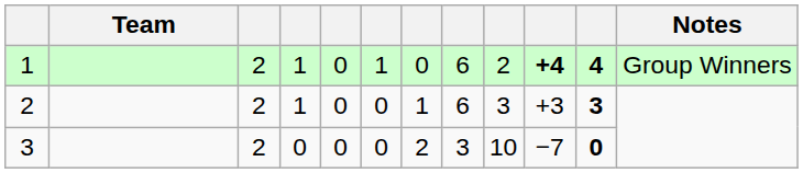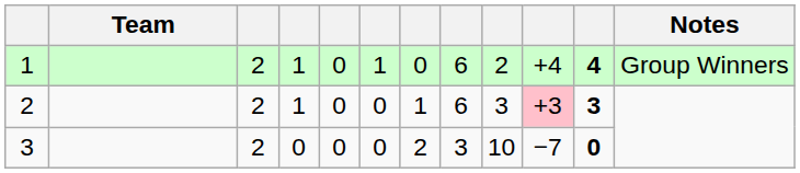 <table class="wikitable" style="text-align: center; font-size: 97%;">
 <tr>
 <th width="20"></th>
 <th width="110">Team</th>
 <th width="18"></th>
 <th width="18"></th>
 <th width="18"></th>
 <th width="18"></th>
 <th width="18"></th>
 <th width="18"></th>
 <th width="18"></th>
 <th width="25"></th>
 <th width="18"></th>
 <th width="105">Notes</th>
 </tr>
 <tr style="background-color: #ccffcc;">
 <td>1</td>
 <td align=left></td>
 <td>2</td>
 <td>1</td>
 <td>0</td>
 <td>1</td>
 <td>0</td>
 <td>6</td>
 <td>2</td>
-<td><strong>+4</strong></td>
+<td>+4</td>
 <td><strong>4</strong></td>
 <td>Group Winners</td>
 </tr>
 <tr>
 <td>2</td>
 <td align=left></td>
 <td>2</td>
 <td>1</td>
 <td>0</td>
 <td>0</td>
 <td>1</td>
 <td>6</td>
 <td>3</td>
-<td>+3</td>
+<td style="background: pink;">+3</td>
 <td><strong>3</strong></td>
 <td rowspan="2"></td>
 </tr>
 <tr>
 <td>3</td>
 <td align=left></td>
 <td>2</td>
 <td>0</td>
 <td>0</td>
 <td>0</td>
 <td>2</td>
 <td>3</td>
 <td>10</td>
 <td>−7</td>
 <td><strong>0</strong></td>
 </tr>
 </table>
